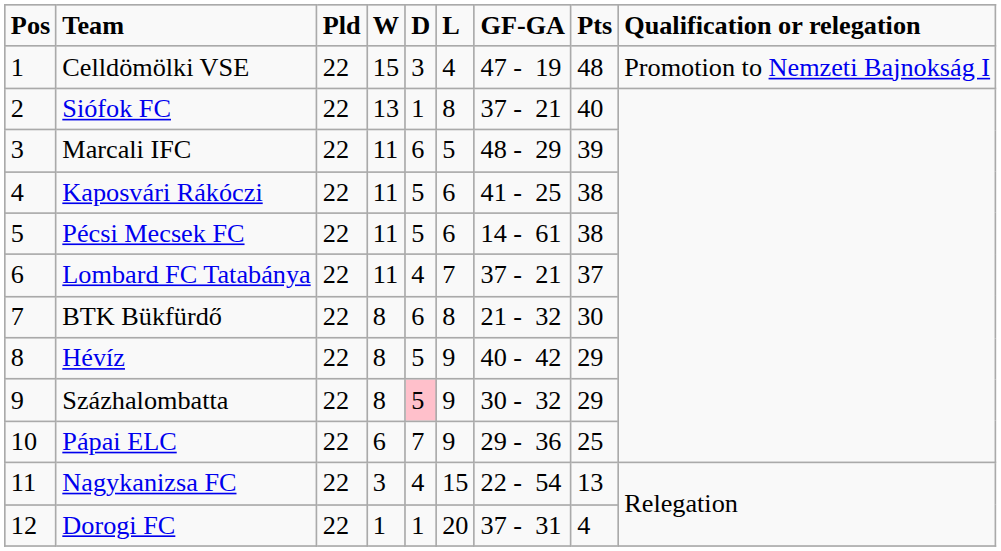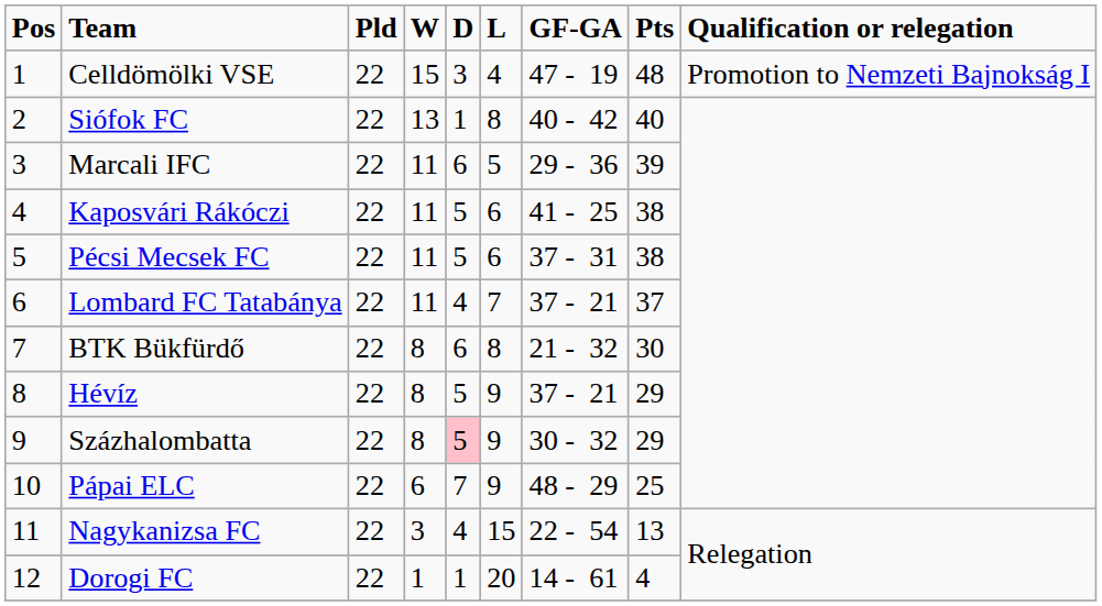 <table class="wikitable">
 <tr>
 <td><strong>Pos</strong></td>
 <td><strong>Team</strong></td>
 <td><strong>Pld</strong></td>
 <td><strong>W</strong></td>
 <td><strong>D</strong></td>
 <td><strong>L</strong></td>
 <td><strong>GF-GA</strong></td>
 <td><strong>Pts</strong></td>
 <td><strong>Qualification or relegation</strong></td>
 </tr>
 <tr>
 <td>1</td>
 <td>Celldömölki VSE</td>
 <td>22</td>
 <td>15</td>
 <td>3</td>
 <td>4</td>
 <td>47 -  19</td>
 <td>48</td>
 <td>Promotion to <a href='#'>Nemzeti Bajnokság I</a></td>
 </tr>
 <tr>
 <td>2</td>
 <td><a href='#'>Siófok FC</a></td>
 <td>22</td>
 <td>13</td>
 <td>1</td>
 <td>8</td>
-<td>37 -  21</td>
+<td>40 -  42</td>
 <td>40</td>
 <td rowspan="9"></td>
 </tr>
 <tr>
 <td>3</td>
 <td>Marcali IFC</td>
 <td>22</td>
 <td>11</td>
 <td>6</td>
 <td>5</td>
-<td>48 -  29</td>
+<td>29 -  36</td>
 <td>39</td>
 </tr>
 <tr>
 <td>4</td>
 <td><a href='#'>Kaposvári Rákóczi</a></td>
 <td>22</td>
 <td>11</td>
 <td>5</td>
 <td>6</td>
 <td>41 -  25</td>
 <td>38</td>
 </tr>
 <tr>
 <td>5</td>
 <td><a href='#'>Pécsi Mecsek FC</a></td>
 <td>22</td>
 <td>11</td>
 <td>5</td>
 <td>6</td>
-<td>14 -  61</td>
+<td>37 -  31</td>
 <td>38</td>
 </tr>
 <tr>
 <td>6</td>
 <td><a href='#'>Lombard FC Tatabánya</a></td>
 <td>22</td>
 <td>11</td>
 <td>4</td>
 <td>7</td>
 <td>37 -  21</td>
 <td>37</td>
 </tr>
 <tr>
 <td>7</td>
 <td>BTK Bükfürdő</td>
 <td>22</td>
 <td>8</td>
 <td>6</td>
 <td>8</td>
 <td>21 -  32</td>
 <td>30</td>
 </tr>
 <tr>
 <td>8</td>
 <td><a href='#'>Hévíz</a></td>
 <td>22</td>
 <td>8</td>
 <td>5</td>
 <td>9</td>
-<td>40 -  42</td>
+<td>37 -  21</td>
 <td>29</td>
 </tr>
 <tr>
 <td>9</td>
 <td>Százhalombatta</td>
 <td>22</td>
 <td>8</td>
 <td style="background: pink;">5</td>
 <td>9</td>
 <td>30 -  32</td>
 <td>29</td>
 </tr>
 <tr>
 <td>10</td>
 <td><a href='#'>Pápai ELC</a></td>
 <td>22</td>
 <td>6</td>
 <td>7</td>
 <td>9</td>
-<td>29 -  36</td>
+<td>48 -  29</td>
 <td>25</td>
 </tr>
 <tr>
 <td>11</td>
 <td><a href='#'>Nagykanizsa FC</a></td>
 <td>22</td>
 <td>3</td>
 <td>4</td>
 <td>15</td>
 <td>22 -  54</td>
 <td>13</td>
 <td rowspan="2">Relegation</td>
 </tr>
 <tr>
 <td>12</td>
 <td><a href='#'>Dorogi FC</a></td>
 <td>22</td>
 <td>1</td>
 <td>1</td>
 <td>20</td>
-<td>37 -  31</td>
+<td>14 -  61</td>
 <td>4</td>
 </tr>
 </table>
